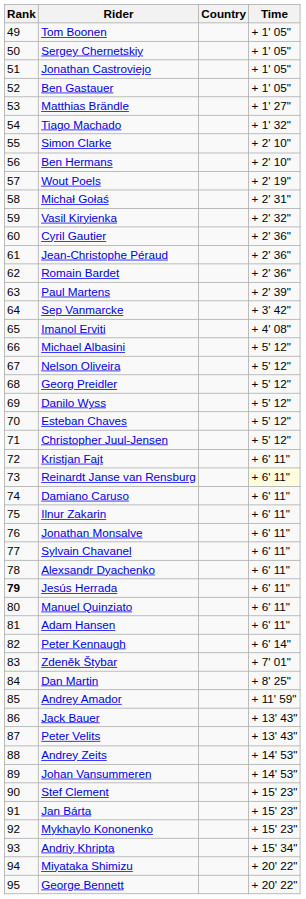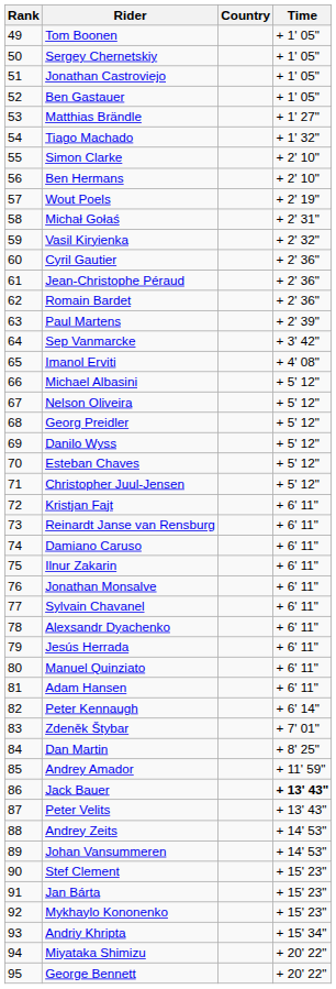 <table class="wikitable" style="font-size:95%; text-align:left;">
 <tr>
 <th>Rank</th>
 <th>Rider</th>
 <th>Country</th>
 <th>Time</th>
 </tr>
 <tr>
 <td>49</td>
 <td><a href='#'>Tom Boonen</a></td>
 <td></td>
 <td>+ 1' 05"</td>
 </tr>
 <tr>
 <td>50</td>
 <td><a href='#'>Sergey Chernetskiy</a></td>
 <td></td>
 <td>+ 1' 05"</td>
 </tr>
 <tr>
 <td>51</td>
 <td><a href='#'>Jonathan Castroviejo</a></td>
 <td></td>
 <td>+ 1' 05"</td>
 </tr>
 <tr>
 <td>52</td>
 <td><a href='#'>Ben Gastauer</a></td>
 <td></td>
 <td>+ 1' 05"</td>
 </tr>
 <tr>
 <td>53</td>
 <td><a href='#'>Matthias Brändle</a></td>
 <td></td>
 <td>+ 1' 27"</td>
 </tr>
 <tr>
 <td>54</td>
 <td><a href='#'>Tiago Machado</a></td>
 <td></td>
 <td>+ 1' 32"</td>
 </tr>
 <tr>
 <td>55</td>
 <td><a href='#'>Simon Clarke</a></td>
 <td></td>
 <td>+ 2' 10"</td>
 </tr>
 <tr>
 <td>56</td>
 <td><a href='#'>Ben Hermans</a></td>
 <td></td>
 <td>+ 2' 10"</td>
 </tr>
 <tr>
 <td>57</td>
 <td><a href='#'>Wout Poels</a></td>
 <td></td>
 <td>+ 2' 19"</td>
 </tr>
 <tr>
 <td>58</td>
 <td><a href='#'>Michał Gołaś</a></td>
 <td></td>
 <td>+ 2' 31"</td>
 </tr>
 <tr>
 <td>59</td>
 <td><a href='#'>Vasil Kiryienka</a></td>
 <td></td>
 <td>+ 2' 32"</td>
 </tr>
 <tr>
 <td>60</td>
 <td><a href='#'>Cyril Gautier</a></td>
 <td></td>
 <td>+ 2' 36"</td>
 </tr>
 <tr>
 <td>61</td>
 <td><a href='#'>Jean-Christophe Péraud</a></td>
 <td></td>
 <td>+ 2' 36"</td>
 </tr>
 <tr>
 <td>62</td>
 <td><a href='#'>Romain Bardet</a></td>
 <td></td>
 <td>+ 2' 36"</td>
 </tr>
 <tr>
 <td>63</td>
 <td><a href='#'>Paul Martens</a></td>
 <td></td>
 <td>+ 2' 39"</td>
 </tr>
 <tr>
 <td>64</td>
 <td><a href='#'>Sep Vanmarcke</a></td>
 <td></td>
 <td>+ 3' 42"</td>
 </tr>
 <tr>
 <td>65</td>
 <td><a href='#'>Imanol Erviti</a></td>
 <td></td>
 <td>+ 4' 08"</td>
 </tr>
 <tr>
 <td>66</td>
 <td><a href='#'>Michael Albasini</a></td>
 <td></td>
 <td>+ 5' 12"</td>
 </tr>
 <tr>
 <td>67</td>
 <td><a href='#'>Nelson Oliveira</a></td>
 <td></td>
 <td>+ 5' 12"</td>
 </tr>
 <tr>
 <td>68</td>
 <td><a href='#'>Georg Preidler</a></td>
 <td></td>
 <td>+ 5' 12"</td>
 </tr>
 <tr>
 <td>69</td>
 <td><a href='#'>Danilo Wyss</a></td>
 <td></td>
 <td>+ 5' 12"</td>
 </tr>
 <tr>
 <td>70</td>
 <td><a href='#'>Esteban Chaves</a></td>
 <td></td>
 <td>+ 5' 12"</td>
 </tr>
 <tr>
 <td>71</td>
 <td><a href='#'>Christopher Juul-Jensen</a></td>
 <td></td>
 <td>+ 5' 12"</td>
 </tr>
 <tr>
 <td>72</td>
 <td><a href='#'>Kristjan Fajt</a></td>
 <td></td>
 <td>+ 6' 11"</td>
 </tr>
 <tr>
 <td>73</td>
 <td><a href='#'>Reinardt Janse van Rensburg</a></td>
 <td></td>
-<td style="background: lightyellow;">+ 6' 11"</td>
+<td>+ 6' 11"</td>
 </tr>
 <tr>
 <td>74</td>
 <td><a href='#'>Damiano Caruso</a></td>
 <td></td>
 <td>+ 6' 11"</td>
 </tr>
 <tr>
 <td>75</td>
 <td><a href='#'>Ilnur Zakarin</a></td>
 <td></td>
 <td>+ 6' 11"</td>
 </tr>
 <tr>
 <td>76</td>
 <td><a href='#'>Jonathan Monsalve</a></td>
 <td></td>
 <td>+ 6' 11"</td>
 </tr>
 <tr>
 <td>77</td>
 <td><a href='#'>Sylvain Chavanel</a></td>
 <td></td>
 <td>+ 6' 11"</td>
 </tr>
 <tr>
 <td>78</td>
 <td><a href='#'>Alexsandr Dyachenko</a></td>
 <td></td>
 <td>+ 6' 11"</td>
 </tr>
 <tr>
-<td><strong>79</strong></td>
+<td>79</td>
 <td><a href='#'>Jesús Herrada</a></td>
 <td></td>
 <td>+ 6' 11"</td>
 </tr>
 <tr>
 <td>80</td>
 <td><a href='#'>Manuel Quinziato</a></td>
 <td></td>
 <td>+ 6' 11"</td>
 </tr>
 <tr>
 <td>81</td>
 <td><a href='#'>Adam Hansen</a></td>
 <td></td>
 <td>+ 6' 11"</td>
 </tr>
 <tr>
 <td>82</td>
 <td><a href='#'>Peter Kennaugh</a></td>
 <td></td>
 <td>+ 6' 14"</td>
 </tr>
 <tr>
 <td>83</td>
 <td><a href='#'>Zdeněk Štybar</a></td>
 <td></td>
 <td>+ 7' 01"</td>
 </tr>
 <tr>
 <td>84</td>
 <td><a href='#'>Dan Martin</a></td>
 <td></td>
 <td>+ 8' 25"</td>
 </tr>
 <tr>
 <td>85</td>
 <td><a href='#'>Andrey Amador</a></td>
 <td></td>
 <td>+ 11' 59"</td>
 </tr>
 <tr>
 <td>86</td>
 <td><a href='#'>Jack Bauer</a></td>
 <td></td>
-<td>+ 13' 43"</td>
+<td><strong>+ 13' 43"</strong></td>
 </tr>
 <tr>
 <td>87</td>
 <td><a href='#'>Peter Velits</a></td>
 <td></td>
 <td>+ 13' 43"</td>
 </tr>
 <tr>
 <td>88</td>
 <td><a href='#'>Andrey Zeits</a></td>
 <td></td>
 <td>+ 14' 53"</td>
 </tr>
 <tr>
 <td>89</td>
 <td><a href='#'>Johan Vansummeren</a></td>
 <td></td>
 <td>+ 14' 53"</td>
 </tr>
 <tr>
 <td>90</td>
 <td><a href='#'>Stef Clement</a></td>
 <td></td>
 <td>+ 15' 23"</td>
 </tr>
 <tr>
 <td>91</td>
 <td><a href='#'>Jan Bárta</a></td>
 <td></td>
 <td>+ 15' 23"</td>
 </tr>
 <tr>
 <td>92</td>
 <td><a href='#'>Mykhaylo Kononenko</a></td>
 <td></td>
 <td>+ 15' 23"</td>
 </tr>
 <tr>
 <td>93</td>
 <td><a href='#'>Andriy Khripta</a></td>
 <td></td>
 <td>+ 15' 34"</td>
 </tr>
 <tr>
 <td>94</td>
 <td><a href='#'>Miyataka Shimizu</a></td>
 <td></td>
 <td>+ 20' 22"</td>
 </tr>
 <tr>
 <td>95</td>
 <td><a href='#'>George Bennett</a></td>
 <td></td>
 <td>+ 20' 22"</td>
 </tr>
 </table>
